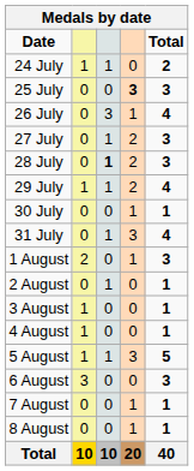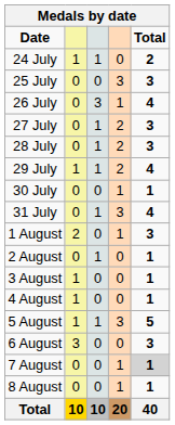 <table class="wikitable" style="font-size:85%">
 <tr bgcolor="#efefef">
 <th colspan=6>Medals by date</th>
 </tr>
 <tr align=center>
 <td><strong>Date</strong></td>
 <td bgcolor=#f7f6a8></td>
 <td bgcolor=#dce5e5></td>
 <td bgcolor=#ffdab9></td>
 <td><strong>Total</strong></td>
 </tr>
 <tr align=center>
 <td>24 July</td>
 <td style="background:#F7F6A8;">1</td>
 <td style="background:#DCE5E5;">1</td>
 <td style="background:#FFDAB9;">0</td>
 <td><strong>2</strong></td>
 </tr>
 <tr align=center>
 <td>25 July</td>
 <td style="background:#F7F6A8;">0</td>
 <td style="background:#DCE5E5;">0</td>
-<td style="background:#FFDAB9;"><strong>3</strong></td>
+<td style="background:#FFDAB9;">3</td>
 <td><strong>3</strong></td>
 </tr>
 <tr align=center>
 <td>26 July</td>
 <td style="background:#F7F6A8;">0</td>
 <td style="background:#DCE5E5;">3</td>
 <td style="background:#FFDAB9;">1</td>
 <td><strong>4</strong></td>
 </tr>
 <tr align=center>
 <td>27 July</td>
 <td style="background:#F7F6A8;">0</td>
 <td style="background:#DCE5E5;">1</td>
 <td style="background:#FFDAB9;">2</td>
 <td><strong>3</strong></td>
 </tr>
 <tr align=center>
 <td>28 July</td>
 <td style="background:#F7F6A8;">0</td>
-<td style="background:#DCE5E5;"><strong>1</strong></td>
+<td style="background:#DCE5E5;">1</td>
 <td style="background:#FFDAB9;">2</td>
 <td><strong>3</strong></td>
 </tr>
 <tr align=center>
 <td>29 July</td>
 <td style="background:#F7F6A8;">1</td>
 <td style="background:#DCE5E5;">1</td>
 <td style="background:#FFDAB9;">2</td>
 <td><strong>4</strong></td>
 </tr>
 <tr align=center>
 <td>30 July</td>
 <td style="background:#F7F6A8;">0</td>
 <td style="background:#DCE5E5;">0</td>
 <td style="background:#FFDAB9;">1</td>
 <td><strong>1</strong></td>
 </tr>
 <tr align=center>
 <td>31 July</td>
 <td style="background:#F7F6A8;">0</td>
 <td style="background:#DCE5E5;">1</td>
 <td style="background:#FFDAB9;">3</td>
 <td><strong>4</strong></td>
 </tr>
 <tr align=center>
 <td>1 August</td>
 <td style="background:#F7F6A8;">2</td>
 <td style="background:#DCE5E5;">0</td>
 <td style="background:#FFDAB9;">1</td>
 <td><strong>3</strong></td>
 </tr>
 <tr align=center>
 <td>2 August</td>
 <td style="background:#F7F6A8;">0</td>
 <td style="background:#DCE5E5;">1</td>
 <td style="background:#FFDAB9;">0</td>
 <td><strong>1</strong></td>
 </tr>
 <tr align=center>
 <td>3 August</td>
 <td style="background:#F7F6A8;">1</td>
 <td style="background:#DCE5E5;">0</td>
 <td style="background:#FFDAB9;">0</td>
 <td><strong>1</strong></td>
 </tr>
 <tr align=center>
 <td>4 August</td>
 <td style="background:#F7F6A8;">1</td>
 <td style="background:#DCE5E5;">0</td>
 <td style="background:#FFDAB9;">0</td>
 <td><strong>1</strong></td>
 </tr>
 <tr align=center>
 <td>5 August</td>
 <td style="background:#F7F6A8;">1</td>
 <td style="background:#DCE5E5;">1</td>
 <td style="background:#FFDAB9;">3</td>
 <td><strong>5</strong></td>
 </tr>
 <tr align=center>
 <td>6 August</td>
 <td style="background:#F7F6A8;">3</td>
 <td style="background:#DCE5E5;">0</td>
 <td style="background:#FFDAB9;">0</td>
 <td><strong>3</strong></td>
 </tr>
 <tr align=center>
 <td>7 August</td>
 <td style="background:#F7F6A8;">0</td>
 <td style="background:#DCE5E5;">0</td>
 <td style="background:#FFDAB9;">1</td>
-<td><strong>1</strong></td>
+<td style="background: lightgrey;"><strong>1</strong></td>
 </tr>
 <tr align=center>
 <td>8 August</td>
 <td style="background:#F7F6A8;">0</td>
 <td style="background:#DCE5E5;">0</td>
 <td style="background:#FFDAB9;">1</td>
 <td><strong>1</strong></td>
 </tr>
 <tr align=center>
 <th><strong>Total</strong></th>
 <th style="background:gold;"><strong>10</strong></th>
 <th style="background:silver;"><strong>10</strong></th>
 <th style="background:#c96;"><strong>20</strong></th>
 <th>40</th>
 </tr>
 </table>
